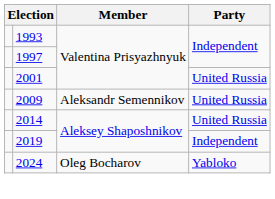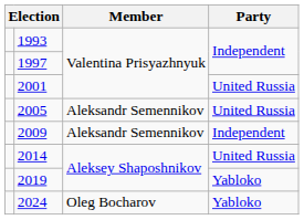 <table class="wikitable">
 <tr>
 <th colspan="2">Election</th>
 <th>Member</th>
 <th>Party</th>
 </tr>
 <tr>
 <td style="background-color:"></td>
 <td><a href='#'>1993</a></td>
 <td rowspan=3>Valentina Prisyazhnyuk</td>
 <td rowspan=2><a href='#'>Independent</a></td>
 </tr>
 <tr>
 <td style="background-color:"></td>
 <td><a href='#'>1997</a></td>
 </tr>
 <tr>
 <td style="background-color:"></td>
 <td><a href='#'>2001</a></td>
 <td><a href='#'>United Russia</a></td>
 </tr>
 <tr>
 <td style="background-color:"></td>
+<td><a href='#'>2005</a></td>
+<td>Aleksandr Semennikov</td>
+<td><a href='#'>United Russia</a></td>
+</tr>
+<tr>
+<td style="background-color:"></td>
 <td><a href='#'>2009</a></td>
 <td>Aleksandr Semennikov</td>
-<td><a href='#'>United Russia</a></td>
+<td><a href='#'>Independent</a></td>
 </tr>
 <tr>
 <td style="background-color:"></td>
 <td><a href='#'>2014</a></td>
 <td rowspan=2><a href='#'>Aleksey Shaposhnikov</a></td>
 <td><a href='#'>United Russia</a></td>
 </tr>
 <tr>
 <td style="background-color:"></td>
 <td><a href='#'>2019</a></td>
-<td><a href='#'>Independent</a></td>
+<td><a href='#'>Yabloko</a></td>
 </tr>
 <tr>
 <td style="background-color:"></td>
 <td><a href='#'>2024</a></td>
 <td>Oleg Bocharov</td>
 <td><a href='#'>Yabloko</a></td>
 </tr>
 </table>
